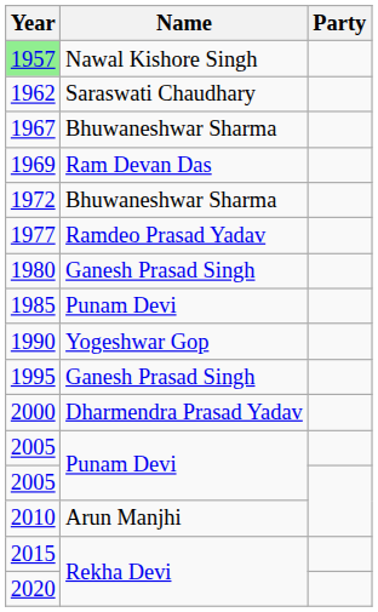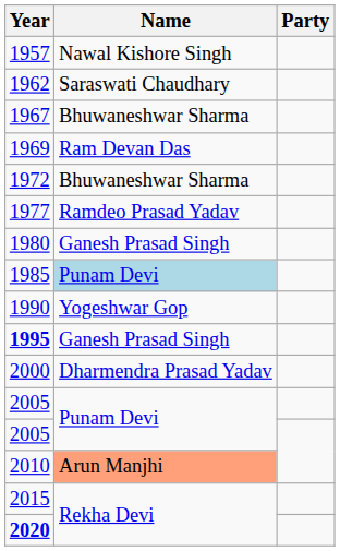 <table class="wikitable sortable">
 <tr>
 <th>Year</th>
 <th>Name</th>
 <th colspan="2">Party</th>
 </tr>
 <tr>
-<td style="background: lightgreen;"><a href='#'>1957</a></td>
+<td><a href='#'>1957</a></td>
 <td>Nawal Kishore Singh</td>
 <td></td>
 </tr>
 <tr>
 <td><a href='#'>1962</a></td>
 <td>Saraswati Chaudhary</td>
 </tr>
 <tr>
 <td><a href='#'>1967</a></td>
 <td>Bhuwaneshwar Sharma</td>
 <td></td>
 </tr>
 <tr>
 <td><a href='#'>1969</a></td>
 <td><a href='#'>Ram Devan Das</a></td>
 <td></td>
 </tr>
 <tr>
 <td><a href='#'>1972</a></td>
 <td>Bhuwaneshwar Sharma</td>
 <td></td>
 </tr>
 <tr>
 <td><a href='#'>1977</a></td>
 <td><a href='#'>Ramdeo Prasad Yadav</a></td>
 <td></td>
 </tr>
 <tr>
 <td><a href='#'>1980</a></td>
 <td><a href='#'>Ganesh Prasad Singh</a></td>
 <td></td>
 </tr>
 <tr>
 <td><a href='#'>1985</a></td>
-<td><a href='#'>Punam Devi</a></td>
+<td style="background: lightblue;"><a href='#'>Punam Devi</a></td>
 <td></td>
 </tr>
 <tr>
 <td><a href='#'>1990</a></td>
 <td><a href='#'>Yogeshwar Gop</a></td>
 <td></td>
 </tr>
 <tr>
-<td><a href='#'>1995</a></td>
+<td><strong><a href='#'>1995</a></strong></td>
 <td><a href='#'>Ganesh Prasad Singh</a></td>
 <td></td>
 </tr>
 <tr>
 <td><a href='#'>2000</a></td>
 <td><a href='#'>Dharmendra Prasad Yadav</a></td>
 <td></td>
 </tr>
 <tr>
 <td><a href='#'>2005</a></td>
 <td rowspan="2"><a href='#'>Punam Devi</a></td>
 <td></td>
 </tr>
 <tr>
 <td><a href='#'>2005</a></td>
 </tr>
 <tr>
 <td><a href='#'>2010</a></td>
-<td>Arun Manjhi</td>
+<td style="background: lightsalmon;">Arun Manjhi</td>
 </tr>
 <tr>
 <td><a href='#'>2015</a></td>
 <td rowspan="2"><a href='#'>Rekha Devi</a></td>
 <td></td>
 </tr>
 <tr>
-<td><a href='#'>2020</a></td>
+<td><strong><a href='#'>2020</a></strong></td>
 </tr>
 </table>
